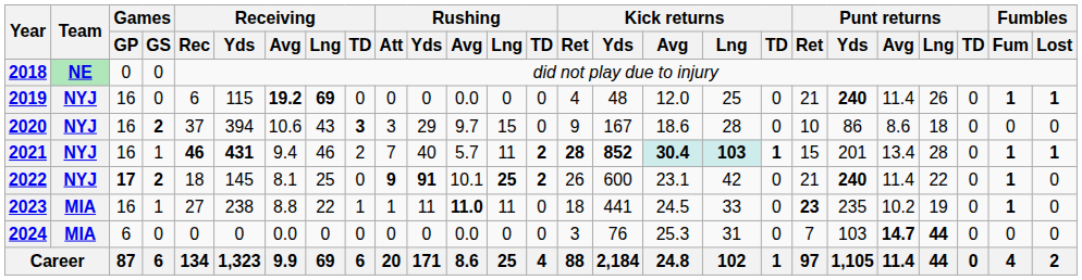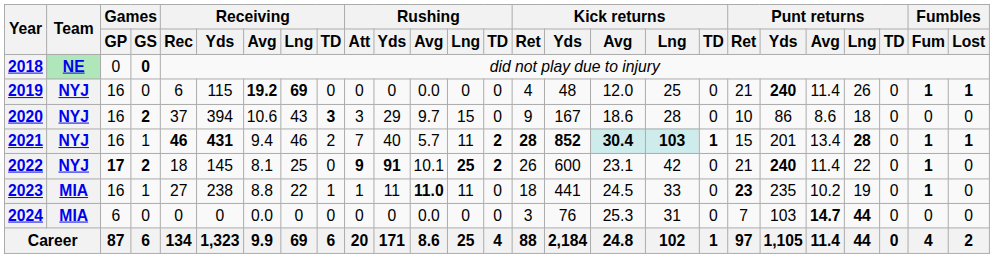 <table class="wikitable" style="text-align:center">
 <tr>
 <th rowspan="2">Year</th>
 <th rowspan="2">Team</th>
 <th colspan="2">Games</th>
 <th colspan="5">Receiving</th>
 <th colspan="5">Rushing</th>
 <th colspan="5">Kick returns</th>
 <th colspan="5">Punt returns</th>
 <th colspan="2">Fumbles</th>
 </tr>
 <tr>
 <th>GP</th>
 <th>GS</th>
 <th>Rec</th>
 <th>Yds</th>
 <th>Avg</th>
 <th>Lng</th>
 <th>TD</th>
 <th>Att</th>
 <th>Yds</th>
 <th>Avg</th>
 <th>Lng</th>
 <th>TD</th>
 <th>Ret</th>
 <th>Yds</th>
 <th>Avg</th>
 <th>Lng</th>
 <th>TD</th>
 <th>Ret</th>
 <th>Yds</th>
 <th>Avg</th>
 <th>Lng</th>
 <th>TD</th>
 <th>Fum</th>
 <th>Lost</th>
 </tr>
 <tr>
 <th><a href='#'>2018</a></th>
 <th style="background:#afe6ba; width:3em;"><a href='#'>NE</a></th>
 <td>0</td>
-<td>0</td>
+<td><strong>0</strong></td>
 <td colspan="22"><em>did not play due to injury</em></td>
 </tr>
 <tr>
 <th><a href='#'>2019</a></th>
 <th><a href='#'>NYJ</a></th>
 <td>16</td>
 <td>0</td>
 <td>6</td>
 <td>115</td>
 <td><strong>19.2</strong></td>
 <td><strong>69</strong></td>
 <td>0</td>
 <td>0</td>
 <td>0</td>
 <td>0.0</td>
 <td>0</td>
 <td>0</td>
 <td>4</td>
 <td>48</td>
 <td>12.0</td>
 <td>25</td>
 <td>0</td>
 <td>21</td>
 <td><strong>240</strong></td>
 <td>11.4</td>
 <td>26</td>
 <td>0</td>
 <td><strong>1</strong></td>
 <td><strong>1</strong></td>
 </tr>
 <tr>
 <th><a href='#'>2020</a></th>
 <th><a href='#'>NYJ</a></th>
 <td>16</td>
 <td><strong>2</strong></td>
 <td>37</td>
 <td>394</td>
 <td>10.6</td>
 <td>43</td>
 <td><strong>3</strong></td>
 <td>3</td>
 <td>29</td>
 <td>9.7</td>
 <td>15</td>
 <td>0</td>
 <td>9</td>
 <td>167</td>
 <td>18.6</td>
 <td>28</td>
 <td>0</td>
 <td>10</td>
 <td>86</td>
 <td>8.6</td>
 <td>18</td>
 <td>0</td>
 <td>0</td>
 <td>0</td>
 </tr>
 <tr>
 <th><a href='#'>2021</a></th>
 <th><a href='#'>NYJ</a></th>
 <td>16</td>
 <td>1</td>
 <td><strong>46</strong></td>
 <td><strong>431</strong></td>
 <td>9.4</td>
 <td>46</td>
 <td>2</td>
 <td>7</td>
 <td>40</td>
 <td>5.7</td>
 <td>11</td>
 <td><strong>2</strong></td>
 <td><strong>28</strong></td>
 <td><strong>852</strong></td>
 <td style="background:#cfecec; width:3em;"><strong>30.4</strong></td>
 <td style="background:#cfecec; width:3em;"><strong>103</strong></td>
 <td><strong>1</strong></td>
 <td>15</td>
 <td>201</td>
 <td>13.4</td>
-<td>28</td>
+<td><strong>28</strong></td>
 <td>0</td>
 <td><strong>1</strong></td>
 <td><strong>1</strong></td>
 </tr>
 <tr>
 <th><a href='#'>2022</a></th>
 <th><a href='#'>NYJ</a></th>
 <td><strong>17</strong></td>
 <td><strong>2</strong></td>
 <td>18</td>
 <td>145</td>
 <td>8.1</td>
 <td>25</td>
 <td>0</td>
 <td><strong>9</strong></td>
 <td><strong>91</strong></td>
 <td>10.1</td>
 <td><strong>25</strong></td>
 <td><strong>2</strong></td>
 <td>26</td>
 <td>600</td>
 <td>23.1</td>
 <td>42</td>
 <td>0</td>
 <td>21</td>
 <td><strong>240</strong></td>
 <td>11.4</td>
 <td>22</td>
 <td>0</td>
 <td><strong>1</strong></td>
 <td>0</td>
 </tr>
 <tr>
 <th><a href='#'>2023</a></th>
 <th><a href='#'>MIA</a></th>
 <td>16</td>
 <td>1</td>
 <td>27</td>
 <td>238</td>
 <td>8.8</td>
 <td>22</td>
 <td>1</td>
 <td>1</td>
 <td>11</td>
 <td><strong>11.0</strong></td>
 <td>11</td>
 <td>0</td>
 <td>18</td>
 <td>441</td>
 <td>24.5</td>
 <td>33</td>
 <td>0</td>
 <td><strong>23</strong></td>
 <td>235</td>
 <td>10.2</td>
 <td>19</td>
 <td>0</td>
 <td><strong>1</strong></td>
 <td>0</td>
 </tr>
 <tr>
 <th><a href='#'>2024</a></th>
 <th><a href='#'>MIA</a></th>
 <td>6</td>
 <td>0</td>
 <td>0</td>
 <td>0</td>
 <td>0.0</td>
 <td>0</td>
 <td>0</td>
 <td>0</td>
 <td>0</td>
 <td>0.0</td>
 <td>0</td>
 <td>0</td>
 <td>3</td>
 <td>76</td>
 <td>25.3</td>
 <td>31</td>
 <td>0</td>
 <td>7</td>
 <td>103</td>
 <td><strong>14.7</strong></td>
 <td><strong>44</strong></td>
 <td>0</td>
 <td>0</td>
 <td>0</td>
 </tr>
 <tr>
 <th colspan="2">Career</th>
 <th>87</th>
 <th>6</th>
 <th>134</th>
 <th>1,323</th>
 <th>9.9</th>
 <th>69</th>
 <th>6</th>
 <th>20</th>
 <th>171</th>
 <th>8.6</th>
 <th>25</th>
 <th>4</th>
 <th>88</th>
 <th>2,184</th>
 <th>24.8</th>
 <th>102</th>
 <th>1</th>
 <th>97</th>
 <th>1,105</th>
 <th>11.4</th>
 <th>44</th>
 <th>0</th>
 <th>4</th>
 <th>2</th>
 </tr>
 </table>
